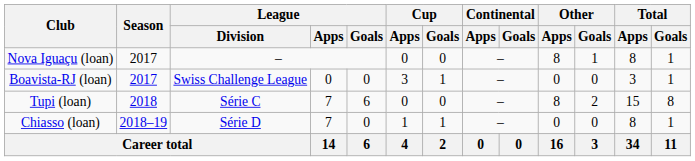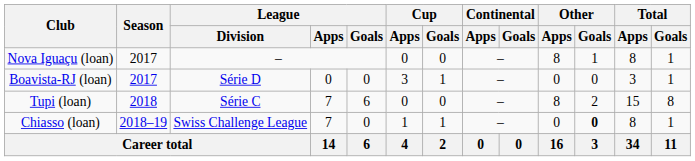 <table class="wikitable" style="text-align: center">
 <tr>
 <th rowspan="2">Club</th>
 <th rowspan="2">Season</th>
 <th colspan="3">League</th>
 <th colspan="2">Cup</th>
 <th colspan="2">Continental</th>
 <th colspan="2">Other</th>
 <th colspan="2">Total</th>
 </tr>
 <tr>
 <th>Division</th>
 <th>Apps</th>
 <th>Goals</th>
 <th>Apps</th>
 <th>Goals</th>
 <th>Apps</th>
 <th>Goals</th>
 <th>Apps</th>
 <th>Goals</th>
 <th>Apps</th>
 <th>Goals</th>
 </tr>
 <tr>
 <td><a href='#'>Nova Iguaçu</a> (loan)</td>
 <td>2017</td>
 <td colspan="3">–</td>
 <td>0</td>
 <td>0</td>
 <td colspan="2">–</td>
 <td>8</td>
 <td>1</td>
 <td>8</td>
 <td>1</td>
 </tr>
 <tr>
 <td><a href='#'>Boavista-RJ</a> (loan)</td>
 <td><a href='#'>2017</a></td>
-<td><a href='#'>Swiss Challenge League</a></td>
+<td><a href='#'>Série D</a></td>
 <td>0</td>
 <td>0</td>
 <td>3</td>
 <td>1</td>
 <td colspan="2">–</td>
 <td>0</td>
 <td>0</td>
 <td>3</td>
 <td>1</td>
 </tr>
 <tr>
 <td><a href='#'>Tupi</a> (loan)</td>
 <td><a href='#'>2018</a></td>
 <td><a href='#'>Série C</a></td>
 <td>7</td>
 <td>6</td>
 <td>0</td>
 <td>0</td>
 <td colspan="2">–</td>
 <td>8</td>
 <td>2</td>
 <td>15</td>
 <td>8</td>
 </tr>
 <tr>
 <td><a href='#'>Chiasso</a> (loan)</td>
 <td><a href='#'>2018–19</a></td>
-<td><a href='#'>Série D</a></td>
+<td><a href='#'>Swiss Challenge League</a></td>
 <td>7</td>
 <td>0</td>
 <td>1</td>
 <td>1</td>
 <td colspan="2">–</td>
 <td>0</td>
-<td>0</td>
+<td><strong>0</strong></td>
 <td>8</td>
 <td>1</td>
 </tr>
 <tr>
 <th colspan="3"><strong>Career total</strong></th>
 <th>14</th>
 <th>6</th>
 <th>4</th>
 <th>2</th>
 <th>0</th>
 <th>0</th>
 <th>16</th>
 <th>3</th>
 <th>34</th>
 <th>11</th>
 </tr>
 </table>
